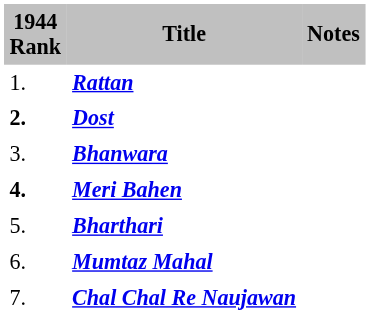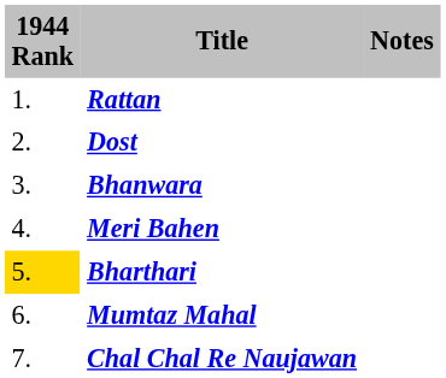 <table cellspacing="0" cellpadding="4" border="0">
 <tr style="background:silver; text-align:center;">
 <td><strong>1944</strong><br><strong>Rank</strong></td>
 <td><strong>Title</strong></td>
 <td><strong>Notes</strong></td>
 </tr>
 <tr>
 <td>1.</td>
 <td><strong><em><a href='#'>Rattan</a></em></strong></td>
 <td></td>
 </tr>
 <tr>
-<td><strong>2.</strong></td>
+<td>2.</td>
 <td><strong><em><a href='#'>Dost</a></em></strong></td>
 <td></td>
 </tr>
 <tr>
 <td>3.</td>
 <td><strong><em><a href='#'>Bhanwara</a></em></strong></td>
 <td></td>
 </tr>
 <tr>
-<td><strong>4.</strong></td>
+<td>4.</td>
 <td><strong><em><a href='#'>Meri Bahen</a></em></strong></td>
 <td></td>
 </tr>
 <tr>
-<td>5.</td>
+<td style="background: gold;">5.</td>
 <td><strong><em><a href='#'>Bharthari</a></em></strong></td>
 <td></td>
 </tr>
 <tr>
 <td>6.</td>
 <td><strong><em><a href='#'>Mumtaz Mahal</a></em></strong></td>
 <td></td>
 </tr>
 <tr>
 <td>7.</td>
 <td><strong><em><a href='#'>Chal Chal Re Naujawan</a></em></strong></td>
 <td></td>
 <td></td>
 </tr>
 </table>
